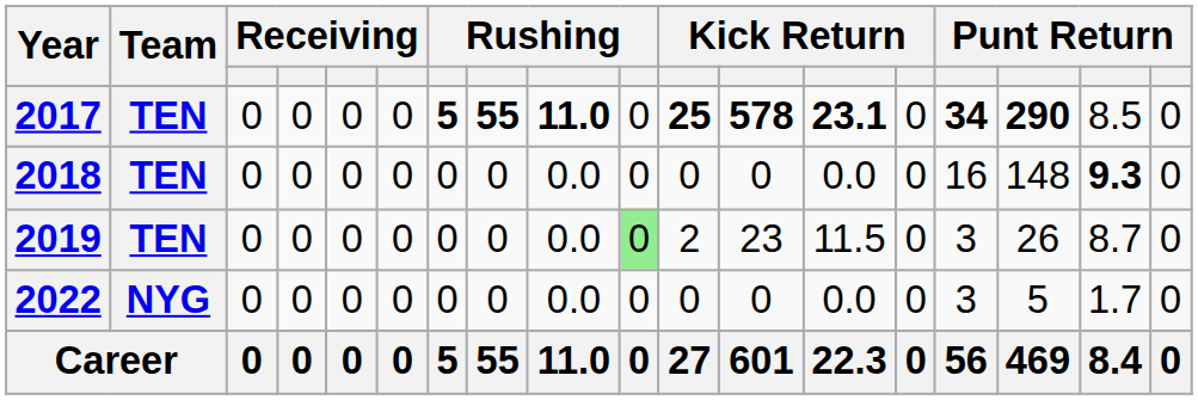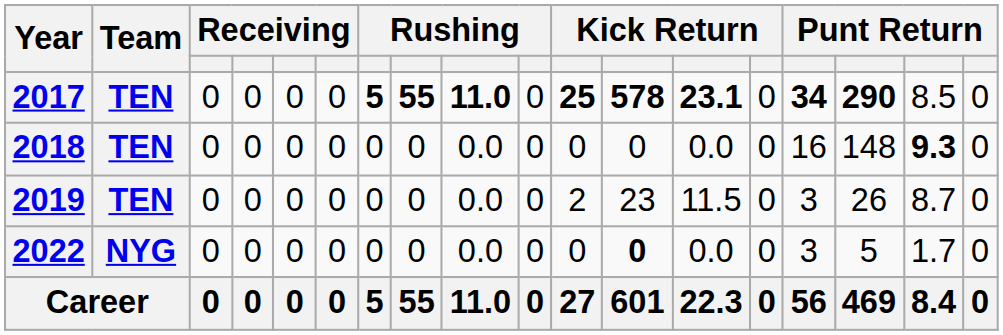 <table class="wikitable" style="text-align:center;">
 <tr>
 <th rowspan="2">Year</th>
 <th rowspan="2">Team</th>
 <th colspan="4">Receiving</th>
 <th colspan="4">Rushing</th>
 <th colspan="4">Kick Return</th>
 <th colspan="4">Punt Return</th>
 </tr>
 <tr>
 <th></th>
 <th></th>
 <th></th>
 <th></th>
 <th></th>
 <th></th>
 <th></th>
 <th></th>
 <th></th>
 <th></th>
 <th></th>
 <th></th>
 <th></th>
 <th></th>
 <th></th>
 <th></th>
 </tr>
 <tr>
 <th><a href='#'>2017</a></th>
 <th><a href='#'>TEN</a></th>
 <td>0</td>
 <td>0</td>
 <td>0</td>
 <td>0</td>
 <td><strong>5</strong></td>
 <td><strong>55</strong></td>
 <td><strong>11.0</strong></td>
 <td>0</td>
 <td><strong>25</strong></td>
 <td><strong>578</strong></td>
 <td><strong>23.1</strong></td>
 <td>0</td>
 <td><strong>34</strong></td>
 <td><strong>290</strong></td>
 <td>8.5</td>
 <td>0</td>
 </tr>
 <tr>
 <th><a href='#'>2018</a></th>
 <th><a href='#'>TEN</a></th>
 <td>0</td>
 <td>0</td>
 <td>0</td>
 <td>0</td>
 <td>0</td>
 <td>0</td>
 <td>0.0</td>
 <td>0</td>
 <td>0</td>
 <td>0</td>
 <td>0.0</td>
 <td>0</td>
 <td>16</td>
 <td>148</td>
 <td><strong>9.3</strong></td>
 <td>0</td>
 </tr>
 <tr>
 <th><a href='#'>2019</a></th>
 <th><a href='#'>TEN</a></th>
 <td>0</td>
 <td>0</td>
 <td>0</td>
 <td>0</td>
 <td>0</td>
 <td>0</td>
 <td>0.0</td>
-<td style="background: lightgreen;">0</td>
+<td>0</td>
 <td>2</td>
 <td>23</td>
 <td>11.5</td>
 <td>0</td>
 <td>3</td>
 <td>26</td>
 <td>8.7</td>
 <td>0</td>
 </tr>
 <tr>
 <th><a href='#'>2022</a></th>
 <th><a href='#'>NYG</a></th>
 <td>0</td>
 <td>0</td>
 <td>0</td>
 <td>0</td>
 <td>0</td>
 <td>0</td>
 <td>0.0</td>
 <td>0</td>
 <td>0</td>
-<td>0</td>
+<td><strong>0</strong></td>
 <td>0.0</td>
 <td>0</td>
 <td>3</td>
 <td>5</td>
 <td>1.7</td>
 <td>0</td>
 </tr>
 <tr>
 <th colspan="2">Career</th>
 <th>0</th>
 <th>0</th>
 <th>0</th>
 <th>0</th>
 <th>5</th>
 <th>55</th>
 <th>11.0</th>
 <th>0</th>
 <th>27</th>
 <th>601</th>
 <th>22.3</th>
 <th>0</th>
 <th>56</th>
 <th>469</th>
 <th>8.4</th>
 <th>0</th>
 </tr>
 </table>
